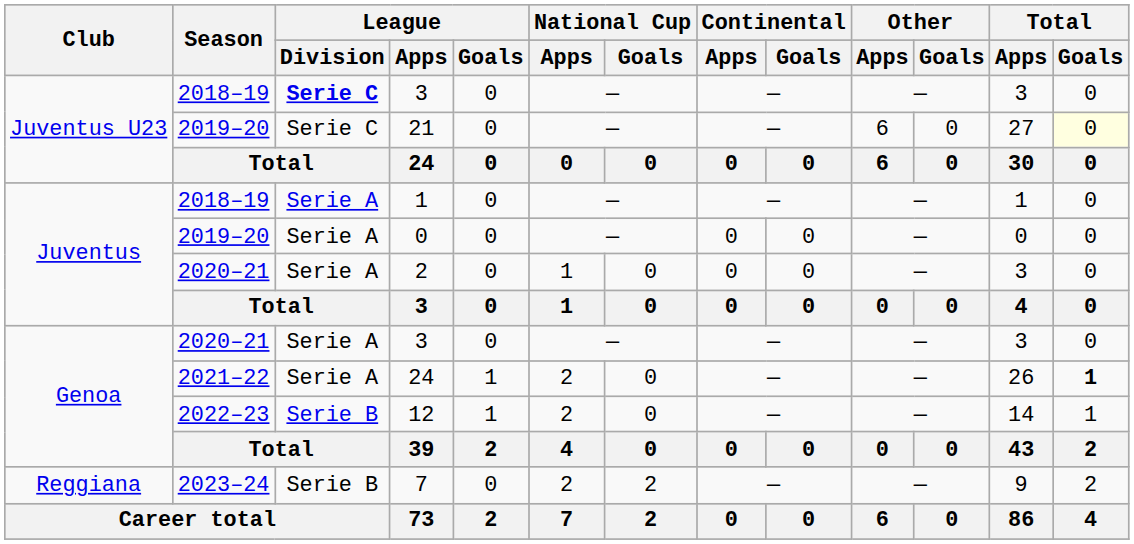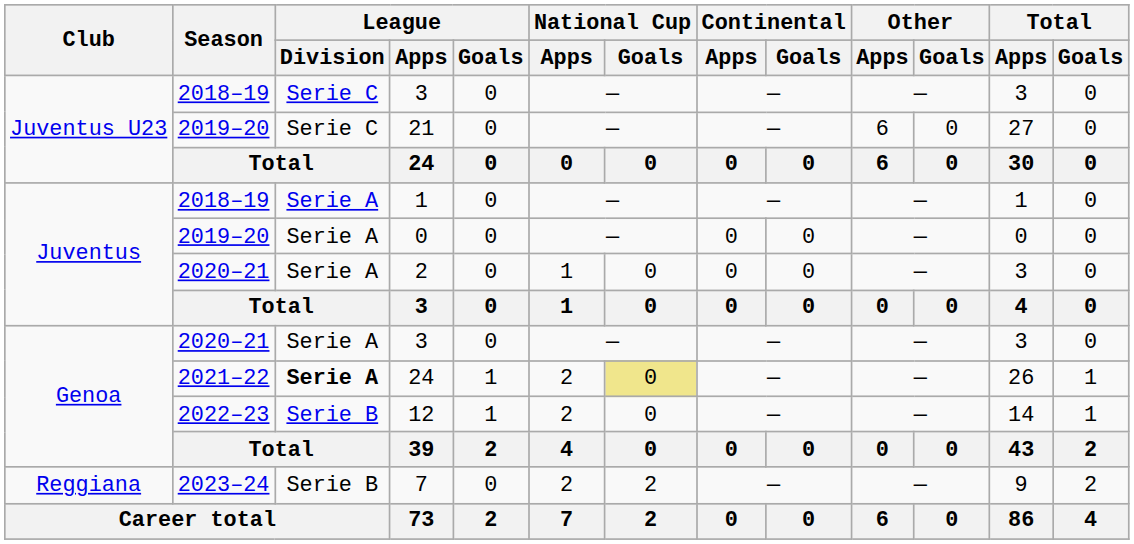 <table class="wikitable" style="text-align: center;">
 <tr>
 <th rowspan="2">Club</th>
 <th rowspan="2">Season</th>
 <th colspan="3">League</th>
 <th colspan="2">National Cup</th>
 <th colspan="2">Continental</th>
 <th colspan="2">Other</th>
 <th colspan="2">Total</th>
 </tr>
 <tr>
 <th>Division</th>
 <th>Apps</th>
 <th>Goals</th>
 <th>Apps</th>
 <th>Goals</th>
 <th>Apps</th>
 <th>Goals</th>
 <th>Apps</th>
 <th>Goals</th>
 <th>Apps</th>
 <th>Goals</th>
 </tr>
 <tr>
 <td rowspan="3"><a href='#'>Juventus U23</a></td>
 <td><a href='#'>2018–19</a></td>
-<td><strong><a href='#'>Serie C</a></strong></td>
+<td><a href='#'>Serie C</a></td>
 <td>3</td>
 <td>0</td>
 <td colspan="2">—</td>
 <td colspan="2">—</td>
 <td colspan="2">—</td>
 <td>3</td>
 <td>0</td>
 </tr>
 <tr>
 <td><a href='#'>2019–20</a></td>
 <td>Serie C</td>
 <td>21</td>
 <td>0</td>
 <td colspan="2">—</td>
 <td colspan="2">—</td>
 <td>6</td>
 <td>0</td>
 <td>27</td>
-<td style="background: lightyellow;">0</td>
+<td>0</td>
 </tr>
 <tr>
 <th colspan="2">Total</th>
 <th>24</th>
 <th>0</th>
 <th>0</th>
 <th>0</th>
 <th>0</th>
 <th>0</th>
 <th>6</th>
 <th>0</th>
 <th>30</th>
 <th>0</th>
 </tr>
 <tr>
 <td rowspan="4"><a href='#'>Juventus</a></td>
 <td><a href='#'>2018–19</a></td>
 <td><a href='#'>Serie A</a></td>
 <td>1</td>
 <td>0</td>
 <td colspan="2">—</td>
 <td colspan="2">—</td>
 <td colspan="2">—</td>
 <td>1</td>
 <td>0</td>
 </tr>
 <tr>
 <td><a href='#'>2019–20</a></td>
 <td>Serie A</td>
 <td>0</td>
 <td>0</td>
 <td colspan="2">—</td>
 <td>0</td>
 <td>0</td>
 <td colspan="2">—</td>
 <td>0</td>
 <td>0</td>
 </tr>
 <tr>
 <td><a href='#'>2020–21</a></td>
 <td>Serie A</td>
 <td>2</td>
 <td>0</td>
 <td>1</td>
 <td>0</td>
 <td>0</td>
 <td>0</td>
 <td colspan="2">—</td>
 <td>3</td>
 <td>0</td>
 </tr>
 <tr>
 <th colspan="2">Total</th>
 <th>3</th>
 <th>0</th>
 <th>1</th>
 <th>0</th>
 <th>0</th>
 <th>0</th>
 <th>0</th>
 <th>0</th>
 <th>4</th>
 <th>0</th>
 </tr>
 <tr>
 <td rowspan="4"><a href='#'>Genoa</a></td>
 <td><a href='#'>2020–21</a></td>
 <td>Serie A</td>
 <td>3</td>
 <td>0</td>
 <td colspan="2">—</td>
 <td colspan="2">—</td>
 <td colspan="2">—</td>
 <td>3</td>
 <td>0</td>
 </tr>
 <tr>
 <td><a href='#'>2021–22</a></td>
-<td>Serie A</td>
+<td><strong>Serie A</strong></td>
 <td>24</td>
 <td>1</td>
 <td>2</td>
-<td>0</td>
+<td style="background: khaki;">0</td>
 <td colspan="2">—</td>
 <td colspan="2">—</td>
 <td>26</td>
-<td><strong>1</strong></td>
+<td>1</td>
 </tr>
 <tr>
 <td><a href='#'>2022–23</a></td>
 <td><a href='#'>Serie B</a></td>
 <td>12</td>
 <td>1</td>
 <td>2</td>
 <td>0</td>
 <td colspan="2">—</td>
 <td colspan="2">—</td>
 <td>14</td>
 <td>1</td>
 </tr>
 <tr>
 <th colspan="2">Total</th>
 <th>39</th>
 <th>2</th>
 <th>4</th>
 <th>0</th>
 <th>0</th>
 <th>0</th>
 <th>0</th>
 <th>0</th>
 <th>43</th>
 <th>2</th>
 </tr>
 <tr>
 <td><a href='#'>Reggiana</a></td>
 <td><a href='#'>2023–24</a></td>
 <td>Serie B</td>
 <td>7</td>
 <td>0</td>
 <td>2</td>
 <td>2</td>
 <td colspan="2">—</td>
 <td colspan="2">—</td>
 <td>9</td>
 <td>2</td>
 </tr>
 <tr>
 <th colspan="3">Career total</th>
 <th>73</th>
 <th>2</th>
 <th>7</th>
 <th>2</th>
 <th>0</th>
 <th>0</th>
 <th>6</th>
 <th>0</th>
 <th>86</th>
 <th>4</th>
 </tr>
 </table>
